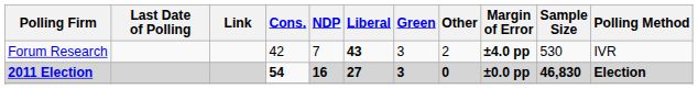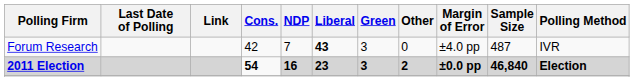 <table class="wikitable sortable">
 <tr style="background:#e9e9e9;">
 <th style="width:120px">Polling Firm</th>
 <th style="width:110px">Last Date<br>of Polling</th>
 <th style="width:60px" class="unsortable">Link</th>
 <th style="background-color:"><strong><a href='#'>Cons.</a></strong></th>
 <th style="background-color:"><strong><a href='#'>NDP</a></strong></th>
 <th style="background-color:"><strong><a href='#'>Liberal</a></strong></th>
 <th style="background-color:"><strong><a href='#'>Green</a></strong></th>
 <th style="background-color:"><strong>Other</strong></th>
 <th style="width:60px;" class=unsortable>Margin<br>of Error</th>
 <th style="width:50px;" class=unsortable>Sample<br>Size</th>
 <th class=unsortable>Polling Method</th>
 </tr>
 <tr>
 <td><a href='#'>Forum Research</a></td>
 <td></td>
 <td></td>
 <td>42</td>
 <td>7</td>
 <td><strong>43</strong></td>
 <td>3</td>
-<td>2</td>
-<td><strong>±4.0 pp</strong></td>
-<td>530</td>
+<td>0</td>
+<td>±4.0 pp</td>
+<td>487</td>
 <td>IVR</td>
 </tr>
 <tr>
 <td style="background:#D5D5D5"><strong><a href='#'>2011 Election</a></strong></td>
 <td style="background:#D5D5D5"><strong></strong></td>
 <td style="background:#D5D5D5"></td>
 <td><strong>54</strong></td>
 <td style="background:#D5D5D5"><strong>16</strong></td>
-<td style="background:#D5D5D5"><strong>27</strong></td>
+<td style="background:#D5D5D5"><strong>23</strong></td>
 <td style="background:#D5D5D5"><strong>3</strong></td>
-<td style="background:#D5D5D5"><strong>0</strong></td>
+<td style="background:#D5D5D5"><strong>2</strong></td>
 <td style="background:#D5D5D5"><strong>±0.0 pp</strong></td>
-<td style="background:#D5D5D5"><strong>46,830</strong></td>
+<td style="background:#D5D5D5"><strong>46,840</strong></td>
 <td style="background:#D5D5D5"><strong>Election</strong></td>
 </tr>
 <tr>
 </tr>
 <tr>
 </tr>
 </table>
